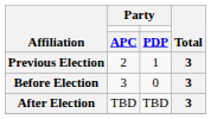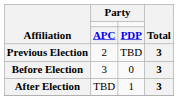 <table class=wikitable style="text-align:center">
 <tr style="vertical-align:bottom;">
 <th rowspan=3>Affiliation</th>
 <th colspan=2>Party</th>
 <th rowspan=3>Total</th>
 </tr>
 <tr>
 <td style="background-color:"></td>
 <td style="background-color:"></td>
 </tr>
 <tr>
 <th><a href='#'>APC</a></th>
 <th><a href='#'>PDP</a></th>
 </tr>
 <tr>
 <th>Previous Election</th>
 <td>2</td>
-<td>1</td>
+<td>TBD</td>
 <th>3</th>
 </tr>
 <tr>
 <th>Before Election</th>
 <td>3</td>
 <td>0</td>
 <th>3</th>
 </tr>
 <tr>
 <th>After Election</th>
 <td>TBD</td>
-<td>TBD</td>
+<td>1</td>
 <th>3</th>
 </tr>
 <tr>
 </tr>
 </table>
